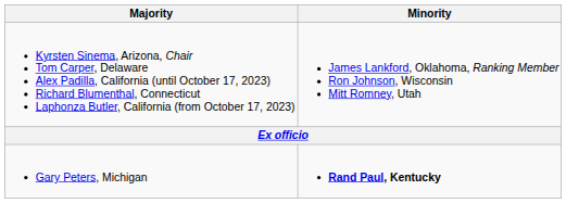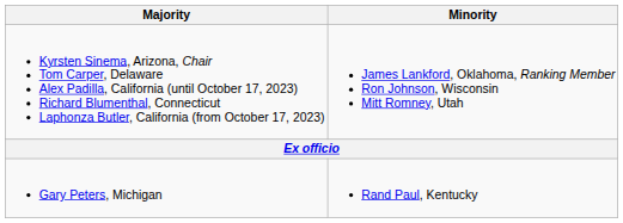 <table class=wikitable>
 <tr>
 <th>Majority</th>
 <th>Minority</th>
 </tr>
 <tr>
 <td><br><ul><li><span><a href='#'>Kyrsten Sinema</a>, Arizona, <em>Chair</em></span></li><li><a href='#'>Tom Carper</a>, Delaware</li><li><a href='#'>Alex Padilla</a>, California (until October 17, 2023)</li><li><a href='#'>Richard Blumenthal</a>, Connecticut</li><li><a href='#'>Laphonza Butler</a>, California (from October 17, 2023)</li></ul></td>
 <td><br><ul><li><a href='#'>James Lankford</a>, Oklahoma, <em>Ranking Member</em></li><li><a href='#'>Ron Johnson</a>, Wisconsin</li><li><a href='#'>Mitt Romney</a>, Utah</li></ul></td>
 </tr>
 <tr>
 <th colspan=2><em><a href='#'>Ex officio</a></em></th>
 </tr>
 <tr>
 <td><br><ul><li><a href='#'>Gary Peters</a>, Michigan</li></ul></td>
-<td><strong><br><ul><li><a href='#'>Rand Paul</a>, Kentucky</li></ul></strong></td>
+<td><br><ul><li><a href='#'>Rand Paul</a>, Kentucky</li></ul></td>
 </tr>
 </table>
